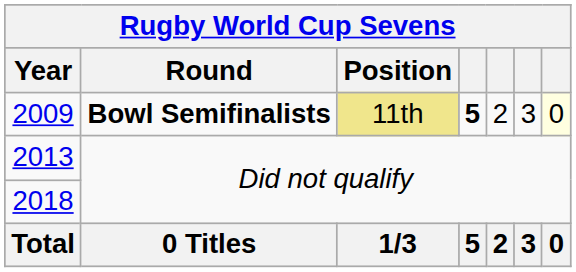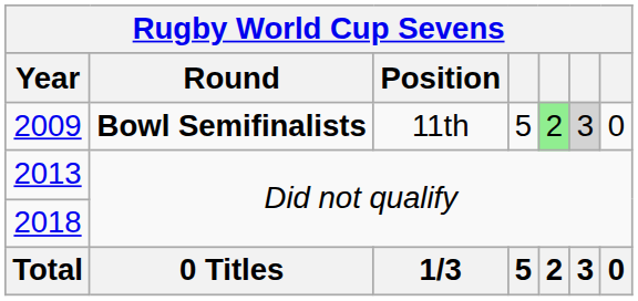 <table class="wikitable" style="text-align: center;">
 <tr>
 <th colspan=10><a href='#'>Rugby World Cup Sevens</a></th>
 </tr>
 <tr>
 <th>Year</th>
 <th>Round</th>
 <th>Position</th>
 <th></th>
 <th></th>
 <th></th>
 <th></th>
 </tr>
 <tr>
 <td> <a href='#'>2009</a></td>
 <td><strong>Bowl Semifinalists</strong></td>
-<td style="background: khaki;">11th</td>
-<td><strong>5</strong></td>
-<td>2</td>
-<td>3</td>
-<td style="background: lightyellow;">0</td>
+<td>11th</td>
+<td>5</td>
+<td style="background: lightgreen;">2</td>
+<td style="background: lightgrey;">3</td>
+<td>0</td>
 </tr>
 <tr>
 <td> <a href='#'>2013</a></td>
 <td colspan=6 rowspan=2><em>Did not qualify</em></td>
 </tr>
 <tr>
 <td> <a href='#'>2018</a></td>
 </tr>
 <tr>
 <th>Total</th>
 <th>0 Titles</th>
 <th>1/3</th>
 <th>5</th>
 <th>2</th>
 <th>3</th>
 <th>0</th>
 </tr>
 </table>
